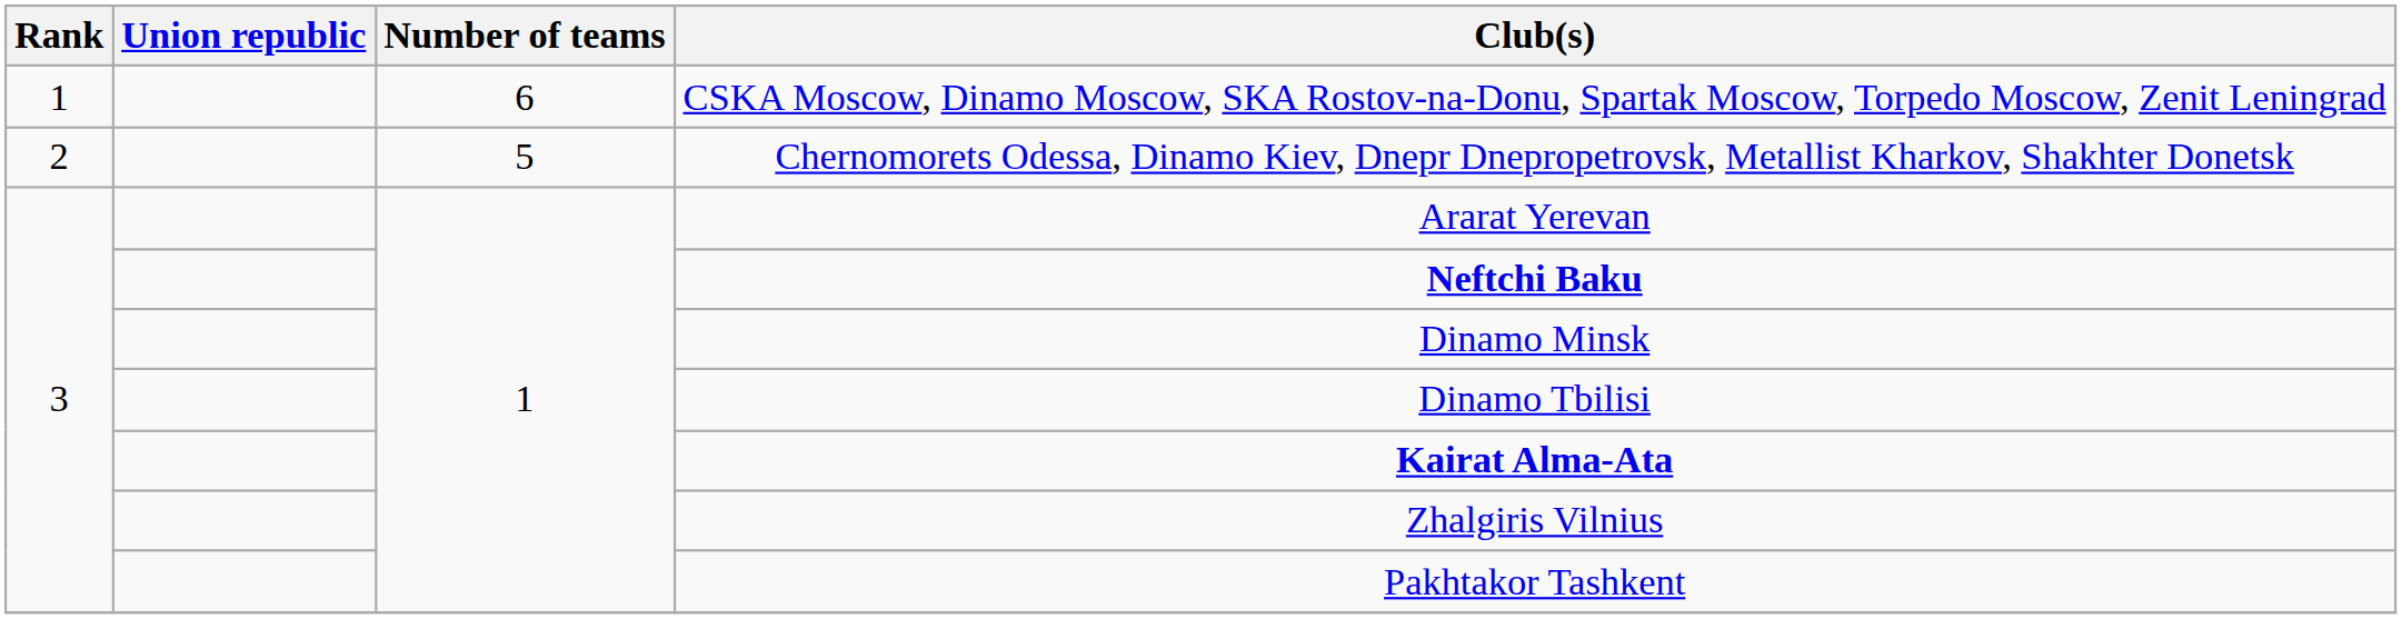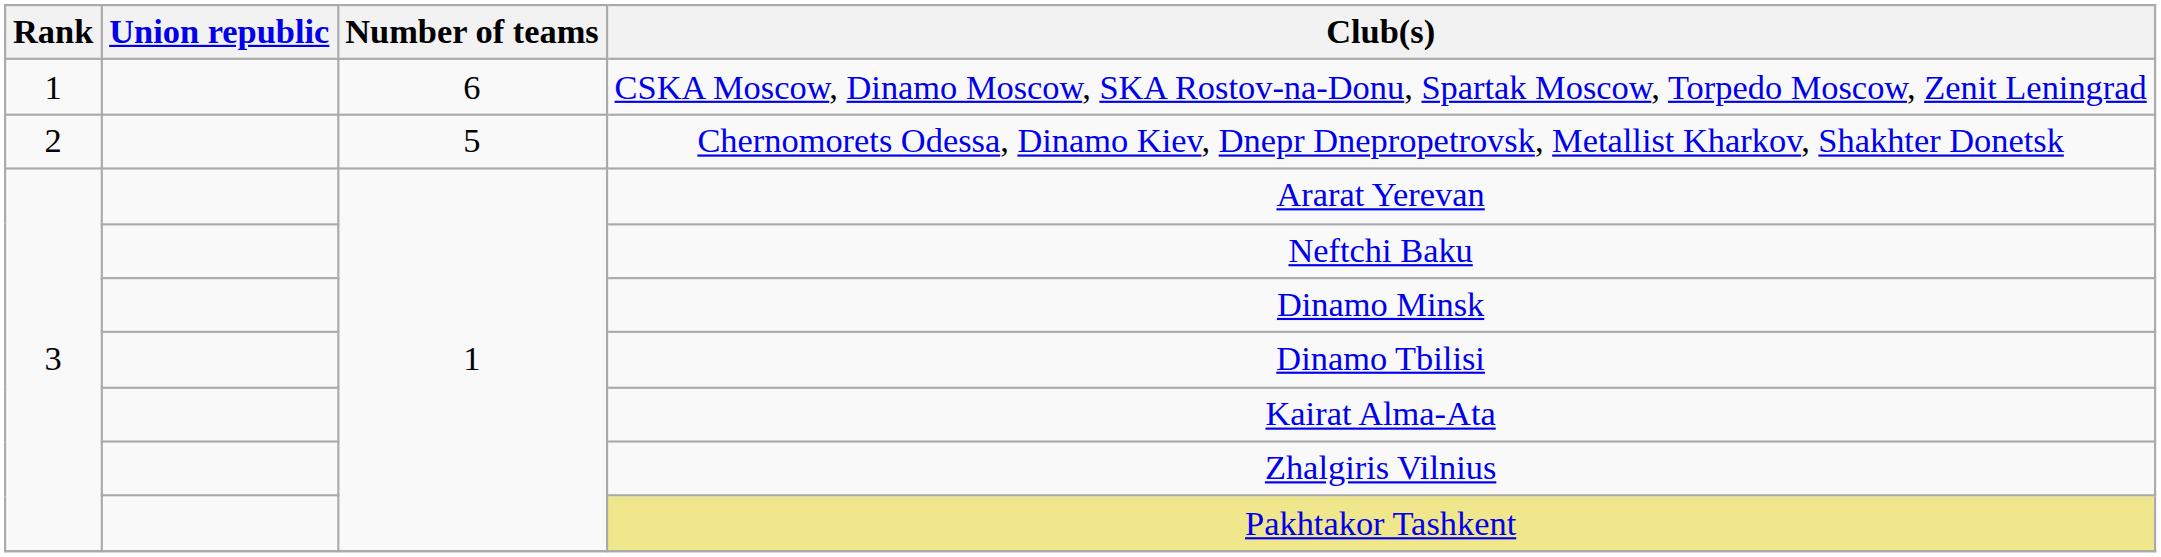 <table class="wikitable">
 <tr>
 <th>Rank</th>
 <th><a href='#'>Union republic</a></th>
 <th>Number of teams</th>
 <th>Club(s)</th>
 </tr>
 <tr>
 <td align="center" rowspan=1>1</td>
 <td></td>
 <td align="center" rowspan=1>6</td>
 <td align="center"><a href='#'>CSKA Moscow</a>, <a href='#'>Dinamo Moscow</a>, <a href='#'>SKA Rostov-na-Donu</a>, <a href='#'>Spartak Moscow</a>, <a href='#'>Torpedo Moscow</a>, <a href='#'>Zenit Leningrad</a></td>
 </tr>
 <tr>
 <td align="center" rowspan=1>2</td>
 <td></td>
 <td align="center" rowspan=1>5</td>
 <td align="center"><a href='#'>Chernomorets Odessa</a>, <a href='#'>Dinamo Kiev</a>, <a href='#'>Dnepr Dnepropetrovsk</a>, <a href='#'>Metallist Kharkov</a>, <a href='#'>Shakhter Donetsk</a></td>
 </tr>
 <tr>
 <td align="center" rowspan=7>3</td>
 <td></td>
 <td align="center" rowspan=7>1</td>
 <td align="center"><a href='#'>Ararat Yerevan</a></td>
 </tr>
 <tr>
 <td></td>
-<td align="center"><strong><a href='#'>Neftchi Baku</a></strong></td>
+<td align="center"><a href='#'>Neftchi Baku</a></td>
 </tr>
 <tr>
 <td></td>
 <td align="center"><a href='#'>Dinamo Minsk</a></td>
 </tr>
 <tr>
 <td></td>
 <td align="center"><a href='#'>Dinamo Tbilisi</a></td>
 </tr>
 <tr>
 <td></td>
-<td align="center"><strong><a href='#'>Kairat Alma-Ata</a></strong></td>
+<td align="center"><a href='#'>Kairat Alma-Ata</a></td>
 </tr>
 <tr>
 <td></td>
 <td align="center"><a href='#'>Zhalgiris Vilnius</a></td>
 </tr>
 <tr>
 <td></td>
-<td align="center"><a href='#'>Pakhtakor Tashkent</a></td>
+<td align="center" style="background: khaki;"><a href='#'>Pakhtakor Tashkent</a></td>
 </tr>
 <tr>
 </tr>
 </table>
